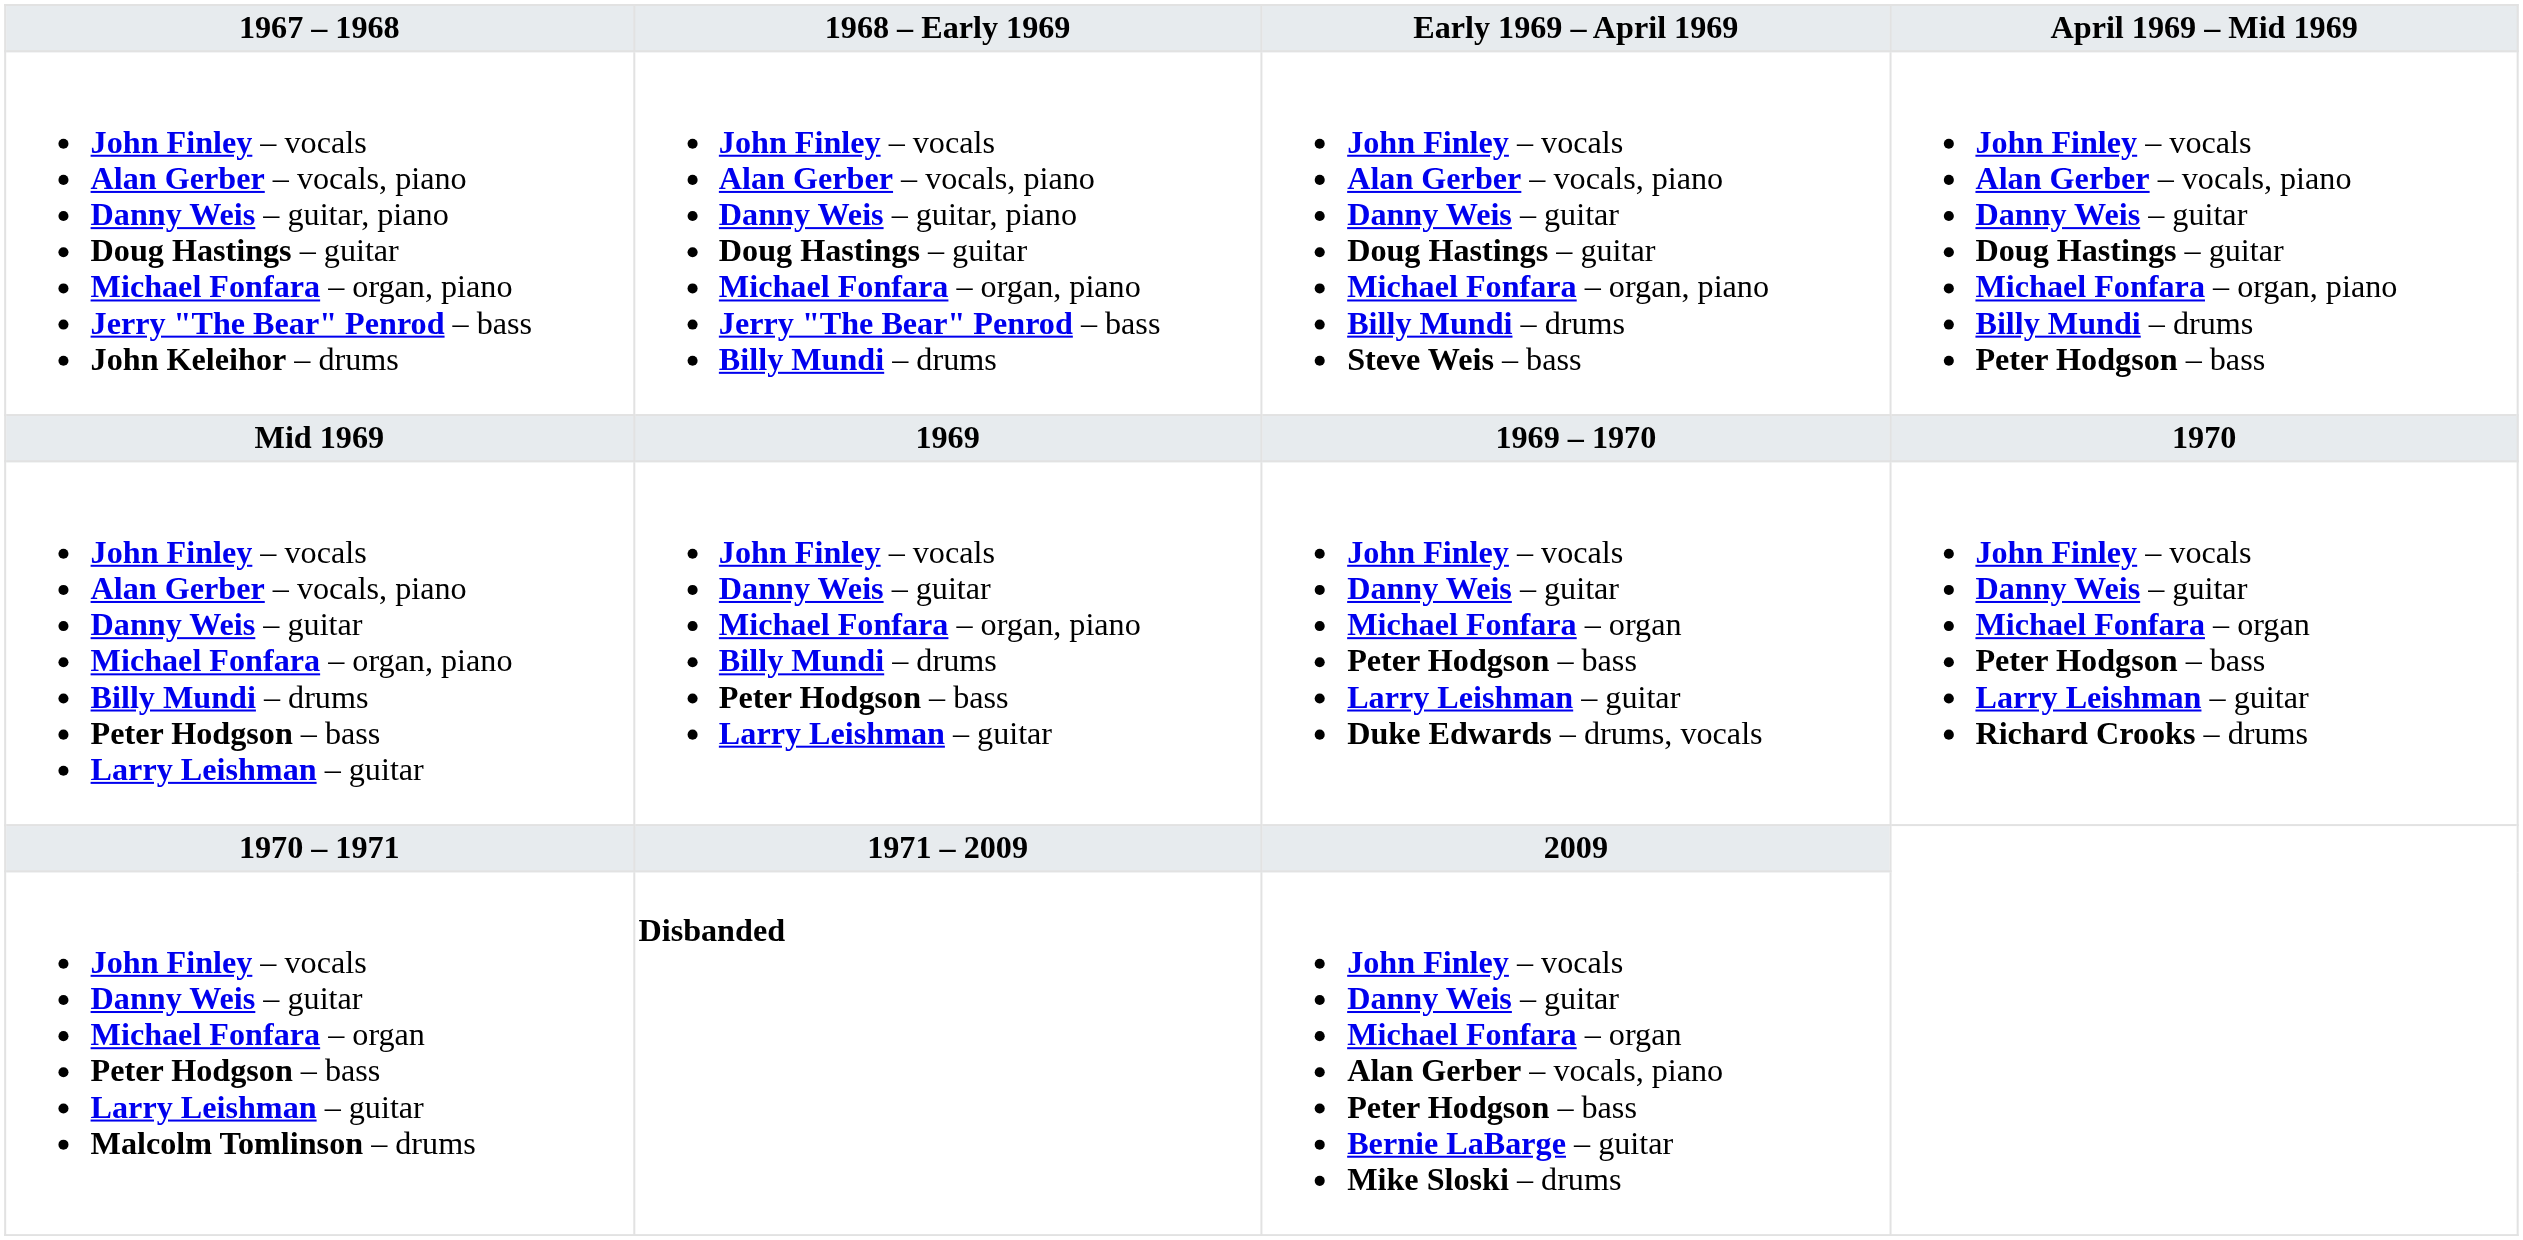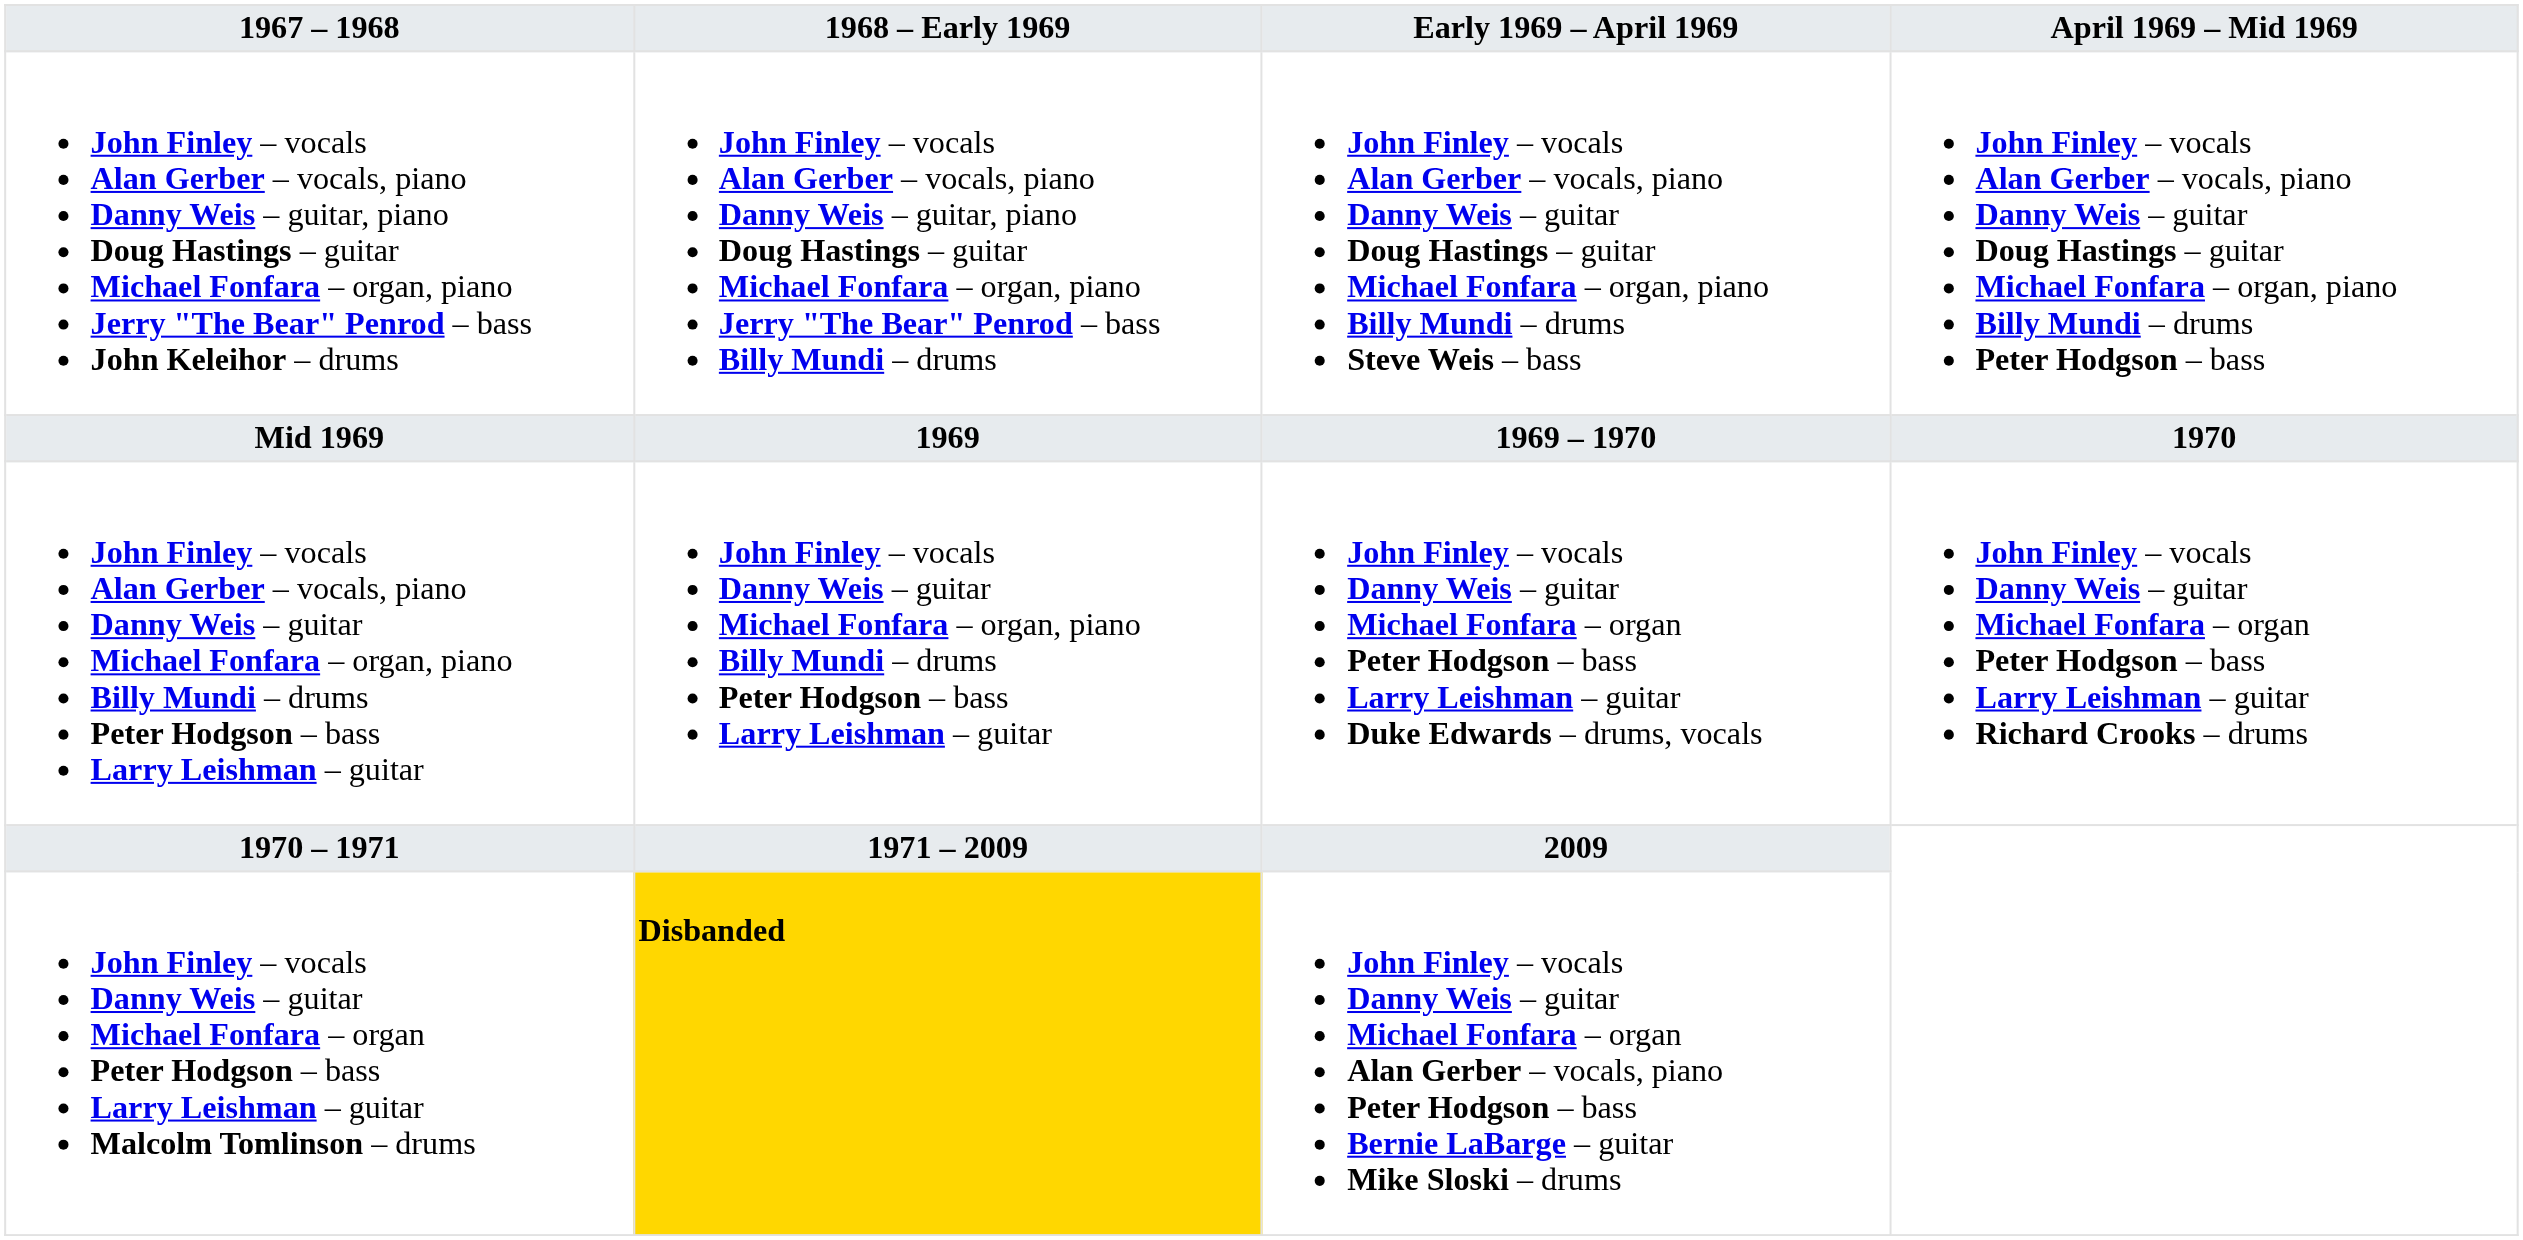 <table class="toccolours" border=1 cellpadding=2 cellspacing=0 style="float: width: 375px; margin: 0 0 1em 1em; border-collapse: collapse; border: 1px solid #E2E2E2;" width=99%>
 <tr>
 <th bgcolor="#E7EBEE" valign=top width=25%>1967 – 1968</th>
 <th bgcolor="#E7EBEE" valign=top width=25%>1968 – Early 1969</th>
 <th bgcolor="#E7EBEE" valign=top width=25%>Early 1969 – April 1969</th>
 <th bgcolor="#E7EBEE" valign=top width=25%>April 1969 – Mid 1969</th>
 </tr>
 <tr>
 <td valign=top><br><ul><li><strong><a href='#'>John Finley</a></strong> – vocals</li><li><strong><a href='#'>Alan Gerber</a></strong> – vocals, piano</li><li><strong><a href='#'>Danny Weis</a></strong> – guitar, piano</li><li><strong>Doug Hastings</strong> – guitar</li><li><strong><a href='#'>Michael Fonfara</a></strong> – organ, piano</li><li><strong><a href='#'>Jerry "The Bear" Penrod</a></strong> – bass</li><li><strong>John Keleihor</strong> – drums</li></ul></td>
 <td valign=top><br><ul><li><strong><a href='#'>John Finley</a></strong> – vocals</li><li><strong><a href='#'>Alan Gerber</a></strong> – vocals, piano</li><li><strong><a href='#'>Danny Weis</a></strong> – guitar, piano</li><li><strong>Doug Hastings</strong> – guitar</li><li><strong><a href='#'>Michael Fonfara</a></strong> – organ, piano</li><li><strong><a href='#'>Jerry "The Bear" Penrod</a></strong> – bass</li><li><strong><a href='#'>Billy Mundi</a></strong> – drums</li></ul></td>
 <td valign=top><br><ul><li><strong><a href='#'>John Finley</a></strong> – vocals</li><li><strong><a href='#'>Alan Gerber</a></strong> – vocals, piano</li><li><strong><a href='#'>Danny Weis</a></strong> – guitar</li><li><strong>Doug Hastings</strong> – guitar</li><li><strong><a href='#'>Michael Fonfara</a></strong> – organ, piano</li><li><strong><a href='#'>Billy Mundi</a></strong> – drums</li><li><strong>Steve Weis</strong> – bass</li></ul></td>
 <td valign=top><br><ul><li><strong><a href='#'>John Finley</a></strong> – vocals</li><li><strong><a href='#'>Alan Gerber</a></strong> – vocals, piano</li><li><strong><a href='#'>Danny Weis</a></strong> – guitar</li><li><strong>Doug Hastings</strong> – guitar</li><li><strong><a href='#'>Michael Fonfara</a></strong> – organ, piano</li><li><strong><a href='#'>Billy Mundi</a></strong> – drums</li><li><strong>Peter Hodgson</strong> – bass</li></ul></td>
 </tr>
 <tr>
 <th bgcolor="#E7EBEE" valign=top width=25%>Mid 1969</th>
 <th bgcolor="#E7EBEE" valign=top width=25%>1969</th>
 <th bgcolor="#E7EBEE" valign=top width=25%>1969 – 1970</th>
 <th bgcolor="#E7EBEE" valign=top width=25%>1970</th>
 </tr>
 <tr>
 <td valign=top><br><ul><li><strong><a href='#'>John Finley</a></strong> – vocals</li><li><strong><a href='#'>Alan Gerber</a></strong> – vocals, piano</li><li><strong><a href='#'>Danny Weis</a></strong> – guitar</li><li><strong><a href='#'>Michael Fonfara</a></strong> – organ, piano</li><li><strong><a href='#'>Billy Mundi</a></strong> – drums</li><li><strong>Peter Hodgson</strong> – bass</li><li><strong><a href='#'>Larry Leishman</a></strong> – guitar</li></ul></td>
 <td valign=top><br><ul><li><strong><a href='#'>John Finley</a></strong> – vocals</li><li><strong><a href='#'>Danny Weis</a></strong> – guitar</li><li><strong><a href='#'>Michael Fonfara</a></strong> – organ, piano</li><li><strong><a href='#'>Billy Mundi</a></strong> – drums</li><li><strong>Peter Hodgson</strong> – bass</li><li><strong><a href='#'>Larry Leishman</a></strong> – guitar</li></ul></td>
 <td valign=top><br><ul><li><strong><a href='#'>John Finley</a></strong> – vocals</li><li><strong><a href='#'>Danny Weis</a></strong> – guitar</li><li><strong><a href='#'>Michael Fonfara</a></strong> – organ</li><li><strong>Peter Hodgson</strong> – bass</li><li><strong><a href='#'>Larry Leishman</a></strong> – guitar</li><li><strong>Duke Edwards</strong> – drums, vocals</li></ul></td>
 <td valign=top><br><ul><li><strong><a href='#'>John Finley</a></strong> – vocals</li><li><strong><a href='#'>Danny Weis</a></strong> – guitar</li><li><strong><a href='#'>Michael Fonfara</a></strong> – organ</li><li><strong>Peter Hodgson</strong> – bass</li><li><strong><a href='#'>Larry Leishman</a></strong> – guitar</li><li><strong>Richard Crooks</strong> – drums</li></ul></td>
 </tr>
 <tr>
 <th bgcolor="#E7EBEE" valign=top width=25%>1970 – 1971</th>
 <th bgcolor="#E7EBEE" valign=top width=25%>1971 – 2009</th>
 <th bgcolor="#E7EBEE" valign=top width=25%>2009</th>
 </tr>
 <tr>
 <td valign=top><br><ul><li><strong><a href='#'>John Finley</a></strong> – vocals</li><li><strong><a href='#'>Danny Weis</a></strong> – guitar</li><li><strong><a href='#'>Michael Fonfara</a></strong> – organ</li><li><strong>Peter Hodgson</strong> – bass</li><li><strong><a href='#'>Larry Leishman</a></strong> – guitar</li><li><strong>Malcolm Tomlinson</strong> – drums</li></ul></td>
-<td valign=top><br><strong>Disbanded</strong></td>
+<td valign=top style="background: gold;"><br><strong>Disbanded</strong></td>
 <td valign=top><br><ul><li><strong><a href='#'>John Finley</a></strong> – vocals</li><li><strong><a href='#'>Danny Weis</a></strong> – guitar</li><li><strong><a href='#'>Michael Fonfara</a></strong> – organ</li><li><strong>Alan Gerber</strong> – vocals, piano</li><li><strong>Peter Hodgson</strong> – bass</li><li><strong><a href='#'>Bernie LaBarge</a></strong> – guitar</li><li><strong>Mike Sloski</strong> – drums</li></ul></td>
 </tr>
 </table>
